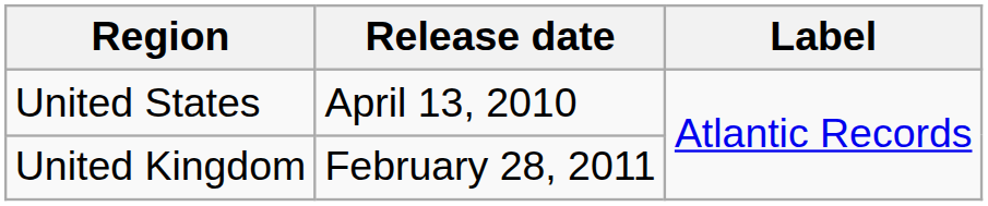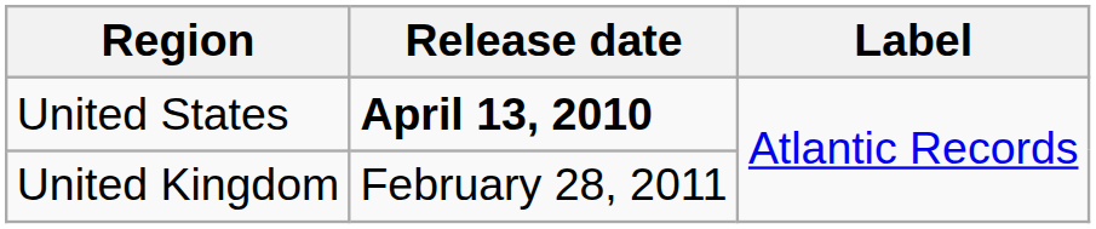 <table class="wikitable">
 <tr>
 <th>Region</th>
 <th>Release date</th>
 <th>Label</th>
 </tr>
 <tr>
 <td>United States</td>
-<td>April 13, 2010</td>
+<td><strong>April 13, 2010</strong></td>
 <td rowspan=2><a href='#'>Atlantic Records</a></td>
 </tr>
 <tr>
 <td>United Kingdom</td>
 <td>February 28, 2011</td>
 </tr>
 </table>
